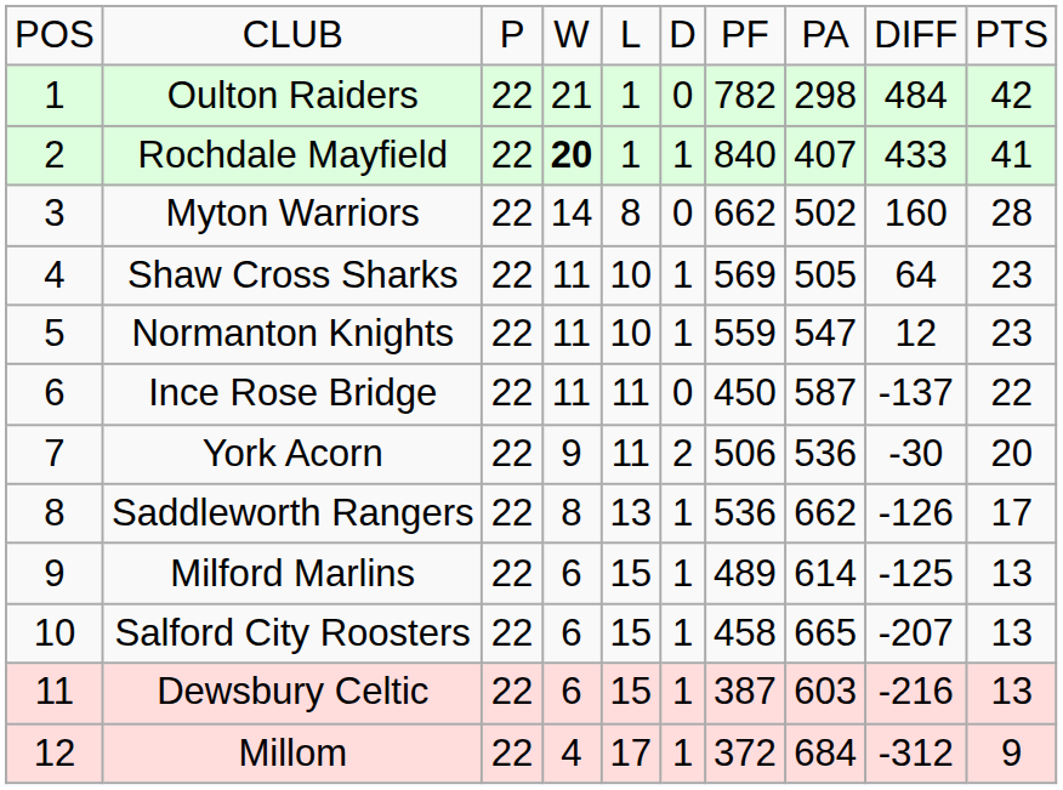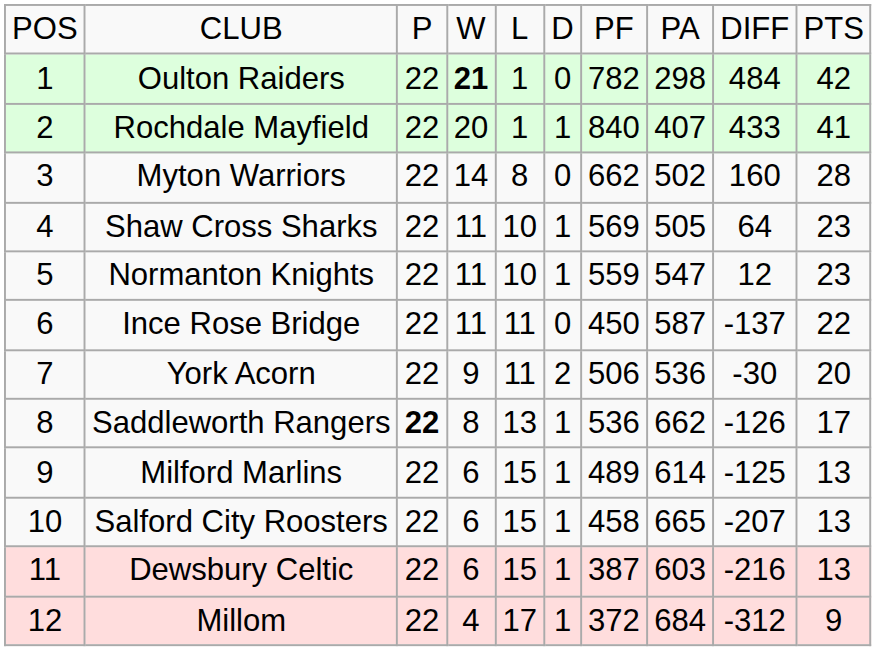 <table class="wikitable" style="text-align: center;">
 <tr>
 <td>POS</td>
 <td>CLUB</td>
 <td>P</td>
 <td>W</td>
 <td>L</td>
 <td>D</td>
 <td>PF</td>
 <td>PA</td>
 <td>DIFF</td>
 <td>PTS</td>
 </tr>
 <tr style="background:#ddffdd;">
 <td>1</td>
 <td>Oulton Raiders</td>
 <td>22</td>
-<td>21</td>
+<td><strong>21</strong></td>
 <td>1</td>
 <td>0</td>
 <td>782</td>
 <td>298</td>
 <td>484</td>
 <td>42</td>
 </tr>
 <tr style="background:#ddffdd;">
 <td>2</td>
 <td>Rochdale Mayfield</td>
 <td>22</td>
-<td><strong>20</strong></td>
+<td>20</td>
 <td>1</td>
 <td>1</td>
 <td>840</td>
 <td>407</td>
 <td>433</td>
 <td>41</td>
 </tr>
 <tr>
 <td>3</td>
 <td>Myton Warriors</td>
 <td>22</td>
 <td>14</td>
 <td>8</td>
 <td>0</td>
 <td>662</td>
 <td>502</td>
 <td>160</td>
 <td>28</td>
 </tr>
 <tr>
 <td>4</td>
 <td>Shaw Cross Sharks</td>
 <td>22</td>
 <td>11</td>
 <td>10</td>
 <td>1</td>
 <td>569</td>
 <td>505</td>
 <td>64</td>
 <td>23</td>
 </tr>
 <tr>
 <td>5</td>
 <td>Normanton Knights</td>
 <td>22</td>
 <td>11</td>
 <td>10</td>
 <td>1</td>
 <td>559</td>
 <td>547</td>
 <td>12</td>
 <td>23</td>
 </tr>
 <tr>
 <td>6</td>
 <td>Ince Rose Bridge</td>
 <td>22</td>
 <td>11</td>
 <td>11</td>
 <td>0</td>
 <td>450</td>
 <td>587</td>
 <td>-137</td>
 <td>22</td>
 </tr>
 <tr>
 <td>7</td>
 <td>York Acorn</td>
 <td>22</td>
 <td>9</td>
 <td>11</td>
 <td>2</td>
 <td>506</td>
 <td>536</td>
 <td>-30</td>
 <td>20</td>
 </tr>
 <tr>
 <td>8</td>
 <td>Saddleworth Rangers</td>
-<td>22</td>
+<td><strong>22</strong></td>
 <td>8</td>
 <td>13</td>
 <td>1</td>
 <td>536</td>
 <td>662</td>
 <td>-126</td>
 <td>17</td>
 </tr>
 <tr>
 <td>9</td>
 <td>Milford Marlins</td>
 <td>22</td>
 <td>6</td>
 <td>15</td>
 <td>1</td>
 <td>489</td>
 <td>614</td>
 <td>-125</td>
 <td>13</td>
 </tr>
 <tr>
 <td>10</td>
 <td>Salford City Roosters</td>
 <td>22</td>
 <td>6</td>
 <td>15</td>
 <td>1</td>
 <td>458</td>
 <td>665</td>
 <td>-207</td>
 <td>13</td>
 </tr>
 <tr style="background:#ffdddd;">
 <td>11</td>
 <td>Dewsbury Celtic</td>
 <td>22</td>
 <td>6</td>
 <td>15</td>
 <td>1</td>
 <td>387</td>
 <td>603</td>
 <td>-216</td>
 <td>13</td>
 </tr>
 <tr style="background:#ffdddd;">
 <td>12</td>
 <td>Millom</td>
 <td>22</td>
 <td>4</td>
 <td>17</td>
 <td>1</td>
 <td>372</td>
 <td>684</td>
 <td>-312</td>
 <td>9</td>
 </tr>
 </table>
